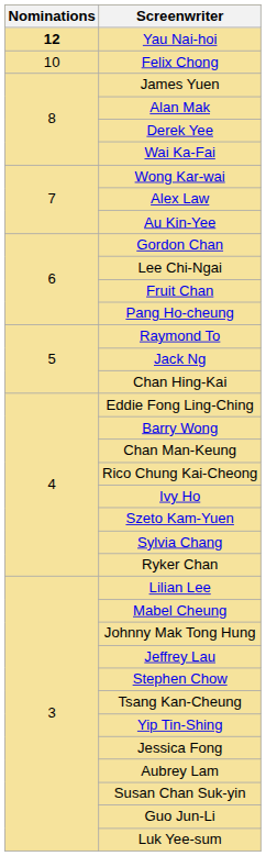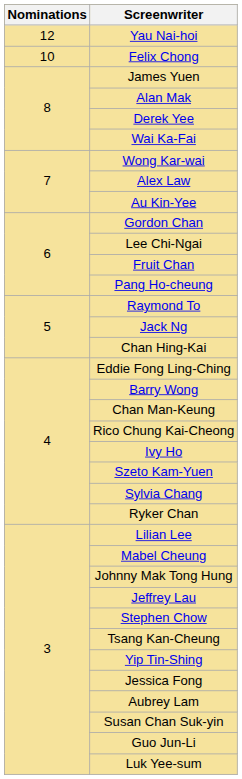 <table class="wikitable" rowspan=2 style="text-align: center; background: #f6e39c">
 <tr>
 <th scope="col" width="56">Nominations</th>
 <th scope="col" align="center">Screenwriter</th>
 </tr>
 <tr>
-<td rowspan="1" style="text-align:center;"><strong>12</strong></td>
+<td rowspan="1" style="text-align:center;">12</td>
 <td><a href='#'>Yau Nai-hoi</a></td>
 </tr>
 <tr>
 <td rowspan="1" style="text-align:center;">10</td>
 <td><a href='#'>Felix Chong</a></td>
 </tr>
 <tr>
 <td rowspan="4" style="text-align:center;">8</td>
 <td>James Yuen</td>
 </tr>
 <tr>
 <td><a href='#'>Alan Mak</a></td>
 </tr>
 <tr>
 <td><a href='#'>Derek Yee</a></td>
 </tr>
 <tr>
 <td><a href='#'>Wai Ka-Fai</a></td>
 </tr>
 <tr>
 <td rowspan="3" style="text-align:center;">7</td>
 <td><a href='#'>Wong Kar-wai</a></td>
 </tr>
 <tr>
 <td><a href='#'>Alex Law</a></td>
 </tr>
 <tr>
 <td><a href='#'>Au Kin-Yee</a></td>
 </tr>
 <tr>
 <td rowspan="4" style="text-align:center;">6</td>
 <td><a href='#'>Gordon Chan</a></td>
 </tr>
 <tr>
 <td>Lee Chi-Ngai</td>
 </tr>
 <tr>
 <td><a href='#'>Fruit Chan</a></td>
 </tr>
 <tr>
 <td><a href='#'>Pang Ho-cheung</a></td>
 </tr>
 <tr>
 <td rowspan="3" style="text-align:center;">5</td>
 <td><a href='#'>Raymond To</a></td>
 </tr>
 <tr>
 <td><a href='#'>Jack Ng</a></td>
 </tr>
 <tr>
 <td>Chan Hing-Kai</td>
 </tr>
 <tr>
 <td rowspan="8" style="text-align:center;">4</td>
 <td>Eddie Fong Ling-Ching</td>
 </tr>
 <tr>
 <td><a href='#'>Barry Wong</a></td>
 </tr>
 <tr>
 <td>Chan Man-Keung</td>
 </tr>
 <tr>
 <td>Rico Chung Kai-Cheong</td>
 </tr>
 <tr>
 <td><a href='#'>Ivy Ho</a></td>
 </tr>
 <tr>
 <td><a href='#'>Szeto Kam-Yuen</a></td>
 </tr>
 <tr>
 <td><a href='#'>Sylvia Chang</a></td>
 </tr>
 <tr>
 <td>Ryker Chan</td>
 </tr>
 <tr>
 <td rowspan="13" style="text-align:center;">3</td>
 <td><a href='#'>Lilian Lee</a></td>
 </tr>
 <tr>
 <td><a href='#'>Mabel Cheung</a></td>
 </tr>
 <tr>
 <td>Johnny Mak Tong Hung</td>
 </tr>
 <tr>
 <td><a href='#'>Jeffrey Lau</a></td>
 </tr>
 <tr>
 <td><a href='#'>Stephen Chow</a></td>
 </tr>
 <tr>
 <td>Tsang Kan-Cheung</td>
 </tr>
 <tr>
 <td><a href='#'>Yip Tin-Shing</a></td>
 </tr>
 <tr>
 <td>Jessica Fong</td>
 </tr>
 <tr>
 <td>Aubrey Lam</td>
 </tr>
 <tr>
 <td>Susan Chan Suk-yin</td>
 </tr>
 <tr>
 <td>Guo Jun-Li</td>
 </tr>
 <tr>
 <td>Luk Yee-sum</td>
 </tr>
 </table>
